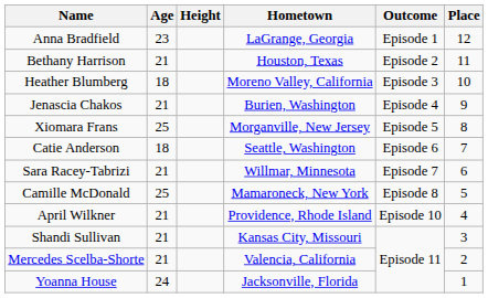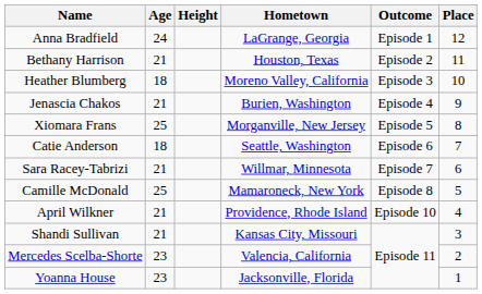 <table class="wikitable sortable" style="text-align:center;">
 <tr>
 <th>Name</th>
 <th>Age</th>
 <th>Height</th>
 <th>Hometown</th>
 <th>Outcome</th>
 <th>Place</th>
 </tr>
 <tr>
 <td>Anna Bradfield</td>
-<td>23</td>
+<td>24</td>
 <td></td>
 <td><a href='#'>LaGrange, Georgia</a></td>
 <td>Episode 1</td>
 <td>12</td>
 </tr>
 <tr>
 <td>Bethany Harrison</td>
 <td>21</td>
 <td></td>
 <td><a href='#'>Houston, Texas</a></td>
 <td>Episode 2</td>
 <td>11</td>
 </tr>
 <tr>
 <td>Heather Blumberg</td>
 <td>18</td>
 <td></td>
 <td nowrap><a href='#'>Moreno Valley, California</a></td>
 <td>Episode 3</td>
 <td>10</td>
 </tr>
 <tr>
 <td>Jenascia Chakos</td>
 <td>21</td>
 <td></td>
 <td><a href='#'>Burien, Washington</a></td>
 <td>Episode 4</td>
 <td>9</td>
 </tr>
 <tr>
 <td>Xiomara Frans</td>
 <td>25</td>
 <td></td>
 <td><a href='#'>Morganville, New Jersey</a></td>
 <td>Episode 5</td>
 <td>8</td>
 </tr>
 <tr>
 <td>Catie Anderson</td>
 <td>18</td>
 <td></td>
 <td><a href='#'>Seattle, Washington</a></td>
 <td>Episode 6</td>
 <td>7</td>
 </tr>
 <tr>
 <td>Sara Racey-Tabrizi</td>
 <td>21</td>
 <td nowrap></td>
 <td><a href='#'>Willmar, Minnesota</a></td>
 <td>Episode 7</td>
 <td>6</td>
 </tr>
 <tr>
 <td>Camille McDonald</td>
 <td>25</td>
 <td></td>
 <td><a href='#'>Mamaroneck, New York</a></td>
 <td>Episode 8</td>
 <td>5</td>
 </tr>
 <tr>
 <td>April Wilkner</td>
 <td>21</td>
 <td></td>
 <td><a href='#'>Providence, Rhode Island</a></td>
 <td>Episode 10</td>
 <td>4</td>
 </tr>
 <tr>
 <td>Shandi Sullivan</td>
 <td>21</td>
 <td></td>
 <td><a href='#'>Kansas City, Missouri</a></td>
 <td rowspan="3">Episode 11</td>
 <td>3</td>
 </tr>
 <tr>
 <td nowrap><a href='#'>Mercedes Scelba-Shorte</a></td>
-<td>21</td>
+<td>23</td>
 <td></td>
 <td><a href='#'>Valencia, California</a></td>
 <td>2</td>
 </tr>
 <tr>
 <td><a href='#'>Yoanna House</a></td>
-<td>24</td>
+<td>23</td>
 <td></td>
 <td><a href='#'>Jacksonville, Florida</a></td>
 <td>1</td>
 </tr>
 </table>
